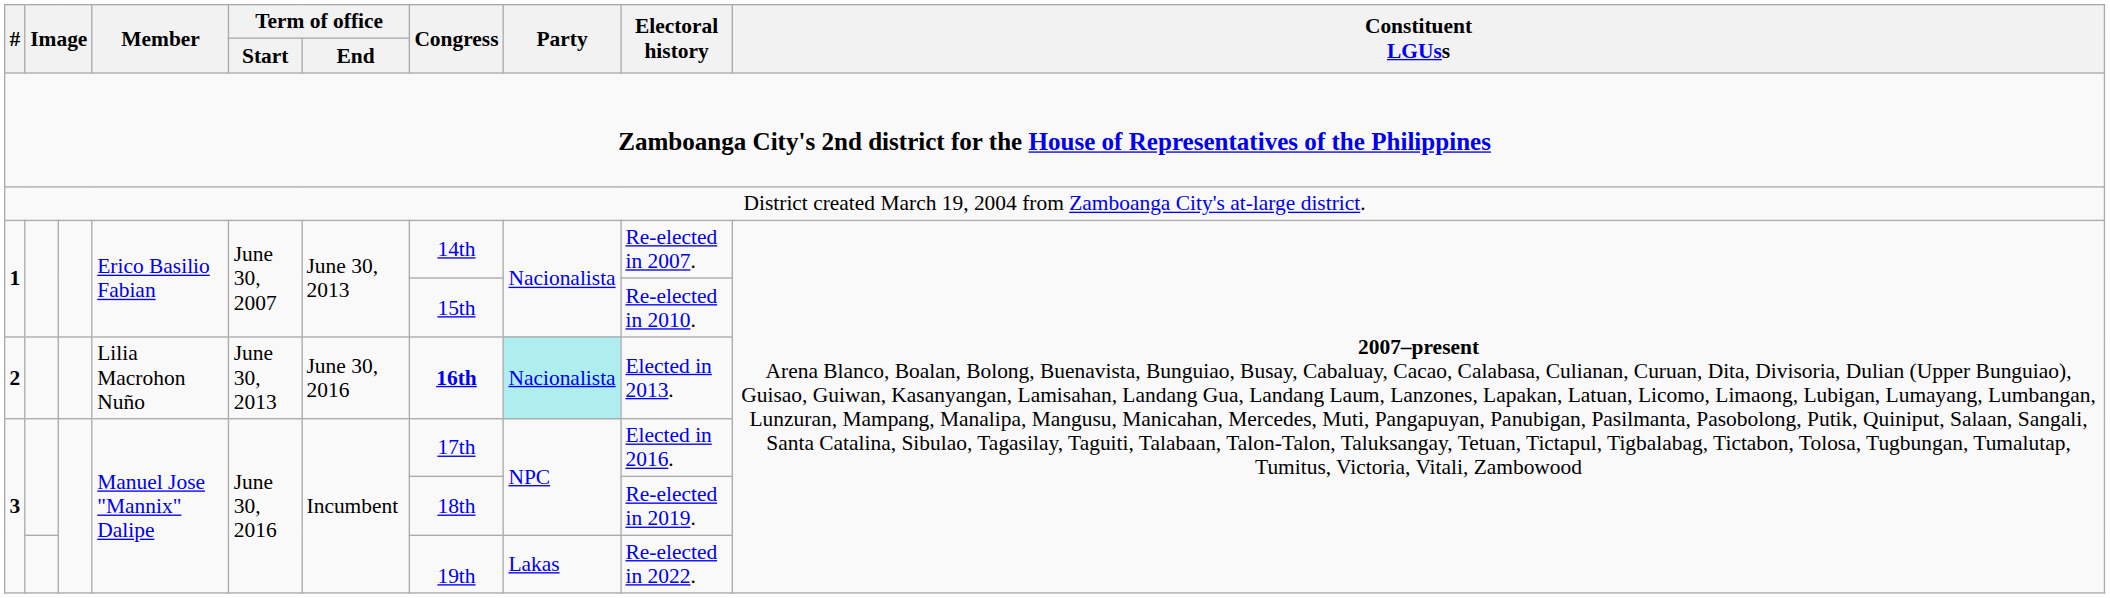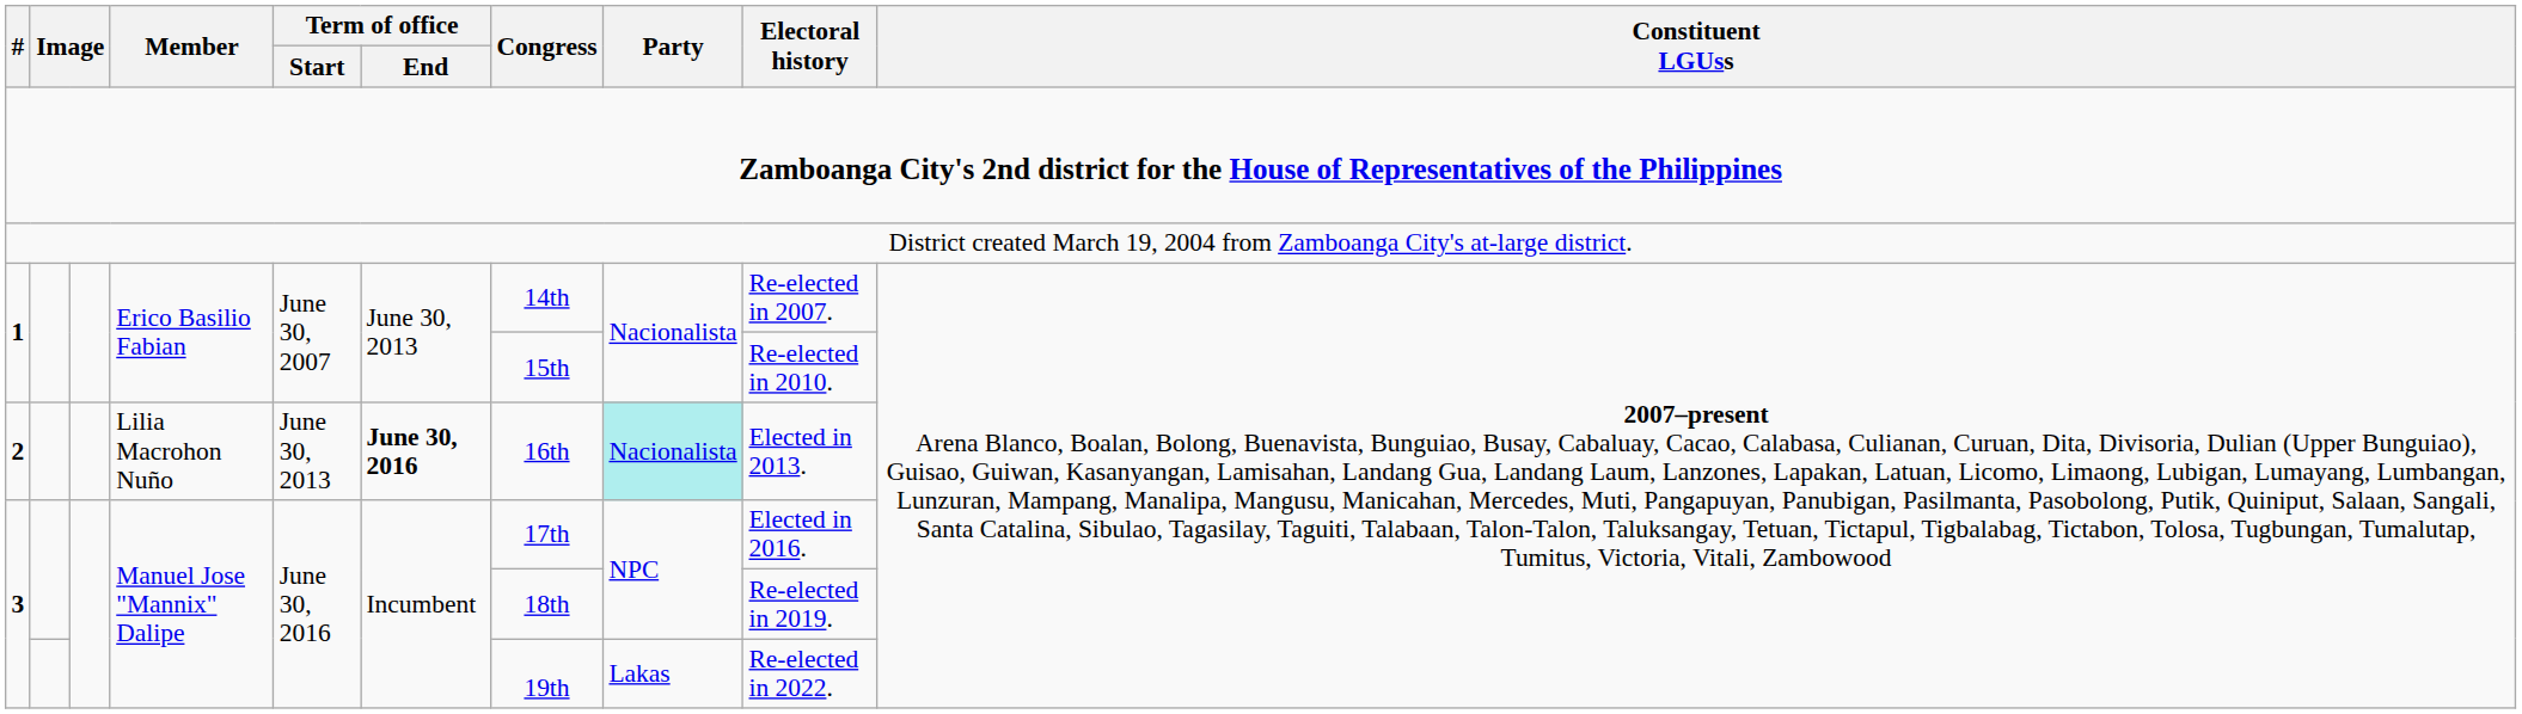 <table class=wikitable>
 <tr>
 <th rowspan="2">#</th>
 <th rowspan="2" colspan=2>Image</th>
 <th rowspan="2">Member</th>
 <th colspan=2>Term of office</th>
 <th rowspan="2">Congress</th>
 <th rowspan="2">Party</th>
 <th rowspan="2">Electoral history</th>
 <th rowspan="2">Constituent<br><a href='#'>LGUs</a>s</th>
 </tr>
 <tr>
 <th>Start</th>
 <th>End</th>
 </tr>
 <tr>
 <td colspan="10" style="text-align:center;"><br><h3>Zamboanga City's 2nd district for the <a href='#'>House of Representatives of the Philippines</a></h3></td>
 </tr>
 <tr>
 <td colspan="10" style="text-align:center;">District created March 19, 2004 from <a href='#'>Zamboanga City's at-large district</a>.</td>
 </tr>
 <tr>
 <td rowspan="2" style="text-align:center;"><strong>1</strong></td>
 <td rowspan="2" style="color:inherit;background:"></td>
 <td rowspan="2"></td>
 <td rowspan="2"><a href='#'>Erico Basilio Fabian</a></td>
 <td rowspan="2">June 30, 2007</td>
 <td rowspan="2">June 30, 2013</td>
 <td style="text-align:center;"><a href='#'>14th</a></td>
 <td rowspan="2"><a href='#'>Nacionalista</a></td>
 <td><a href='#'>Re-elected in 2007</a>.</td>
 <td rowspan="6" style="text-align:center;"><strong>2007–present</strong><br>Arena Blanco, Boalan, Bolong, Buenavista, Bunguiao, Busay, Cabaluay, Cacao, Calabasa, Culianan, Curuan, Dita, Divisoria, Dulian (Upper Bunguiao), Guisao, Guiwan, Kasanyangan, Lamisahan, Landang Gua, Landang Laum, Lanzones, Lapakan, Latuan, Licomo, Limaong, Lubigan, Lumayang, Lumbangan, Lunzuran, Mampang, Manalipa, Mangusu, Manicahan, Mercedes, Muti, Pangapuyan, Panubigan, Pasilmanta, Pasobolong, Putik, Quiniput, Salaan, Sangali, Santa Catalina, Sibulao, Tagasilay, Taguiti, Talabaan, Talon-Talon, Taluksangay, Tetuan, Tictapul, Tigbalabag, Tictabon, Tolosa, Tugbungan, Tumalutap, Tumitus, Victoria, Vitali, Zambowood</td>
 </tr>
 <tr>
 <td style="text-align:center;"><a href='#'>15th</a></td>
 <td><a href='#'>Re-elected in 2010</a>.</td>
 </tr>
 <tr>
 <td style="text-align:center;"><strong>2</strong></td>
 <td style="color:inherit;background:"></td>
 <td></td>
 <td>Lilia Macrohon Nuño</td>
 <td>June 30, 2013</td>
-<td>June 30, 2016</td>
-<td style="text-align:center;"><strong><a href='#'>16th</a></strong></td>
+<td><strong>June 30, 2016</strong></td>
+<td style="text-align:center;"><a href='#'>16th</a></td>
 <td style="background: paleturquoise;"><a href='#'>Nacionalista</a></td>
 <td><a href='#'>Elected in 2013</a>.</td>
 </tr>
 <tr>
 <td rowspan="3" style="text-align:center;"><strong>3</strong></td>
 <td rowspan="2" style="color:inherit;background:"></td>
 <td rowspan="3"></td>
 <td rowspan="3"><a href='#'>Manuel Jose "Mannix" Dalipe</a></td>
 <td rowspan="3">June 30, 2016</td>
 <td rowspan="3">Incumbent</td>
 <td style="text-align:center;"><a href='#'>17th</a></td>
 <td rowspan="2"><a href='#'>NPC</a></td>
 <td><a href='#'>Elected in 2016</a>.</td>
 </tr>
 <tr>
 <td style="text-align:center;"><a href='#'>18th</a></td>
 <td><a href='#'>Re-elected in 2019</a>.</td>
 </tr>
 <tr>
 <td style="color:inherit;background:"></td>
 <td style="text-align:center;"><br><a href='#'>19th</a></td>
 <td><a href='#'>Lakas</a></td>
 <td><a href='#'>Re-elected in 2022</a>.</td>
 </tr>
 </table>
